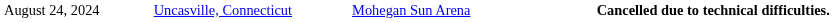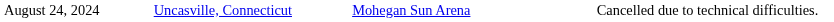 <table cellpadding="2" style="border:0 solid darkgrey; font-size:90%">
 <tr>
 <th style="width:150px;"></th>
 <th style="width:200px;"></th>
 <th style="width:250px;"></th>
 <th style="width:700px;"></th>
 </tr>
 <tr border="0">
 </tr>
 <tr>
 <td>August 24, 2024</td>
 <td><a href='#'>Uncasville, Connecticut</a></td>
 <td><a href='#'>Mohegan Sun Arena</a></td>
-<td><strong>Cancelled due to technical difficulties.</strong></td>
+<td>Cancelled due to technical difficulties.</td>
 </tr>
 </table>
